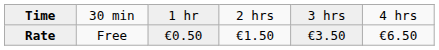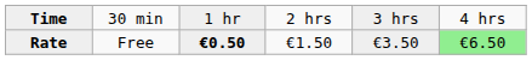 <table class="wikitable">
 <tr>
 <th style="background:#efefef;" width="12%">Time</th>
 <td width="12%" align="center">30 min</td>
 <td style="background:#efefef;" width="12%" align="center">1 hr</td>
 <td width="12%" align="center">2 hrs</td>
 <td style="background:#efefef;" width="12%" align="center">3 hrs</td>
 <td width="12%" align="center">4 hrs</td>
 </tr>
 <tr>
 <th style="background:#efefef;">Rate</th>
 <td align="center">Free</td>
-<td style="background:#efefef;" align="center">€0.50</td>
+<td style="background:#efefef;" align="center"><strong>€0.50</strong></td>
 <td align="center">€1.50</td>
 <td style="background:#efefef;" align="center">€3.50</td>
-<td align="center">€6.50</td>
+<td align="center" style="background: lightgreen;">€6.50</td>
 </tr>
 </table>
